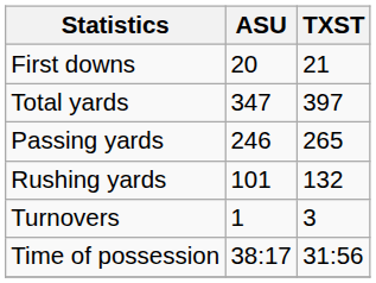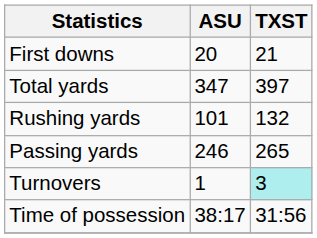 <table class="wikitable" style="float: left;">
 <tr>
 <th>Statistics</th>
 <th>ASU</th>
 <th>TXST</th>
 </tr>
 <tr>
 <td>First downs</td>
 <td>20</td>
 <td>21</td>
 </tr>
 <tr>
 <td>Total yards</td>
 <td>347</td>
 <td>397</td>
 </tr>
 <tr>
+<td>Rushing yards</td>
+<td>101</td>
+<td>132</td>
+</tr>
+<tr>
 <td>Passing yards</td>
 <td>246</td>
 <td>265</td>
 </tr>
 <tr>
-<td>Rushing yards</td>
-<td>101</td>
-<td>132</td>
-</tr>
-<tr>
 <td>Turnovers</td>
 <td>1</td>
-<td>3</td>
+<td style="background: paleturquoise;">3</td>
 </tr>
 <tr>
 <td>Time of possession</td>
 <td>38:17</td>
 <td>31:56</td>
 </tr>
 <tr>
 </tr>
 </table>
